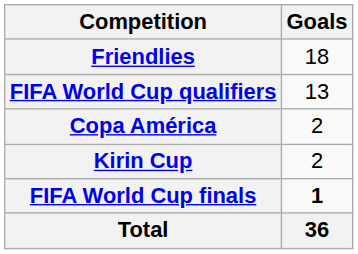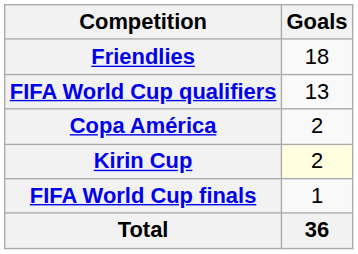 <table class="wikitable sortable plainrowheaders" style="text-align:center">
 <tr>
 <th scope=col>Competition</th>
 <th scope=col>Goals</th>
 </tr>
 <tr>
 <th scope=row><a href='#'>Friendlies</a></th>
 <td>18</td>
 </tr>
 <tr>
 <th scope=row><a href='#'>FIFA World Cup qualifiers</a></th>
 <td>13</td>
 </tr>
 <tr>
 <th scope=row><a href='#'>Copa América</a></th>
 <td>2</td>
 </tr>
 <tr>
 <th scope=row><a href='#'>Kirin Cup</a></th>
-<td>2</td>
+<td style="background: lightyellow;">2</td>
 </tr>
 <tr>
 <th scope=row><a href='#'>FIFA World Cup finals</a></th>
-<td><strong>1</strong></td>
+<td>1</td>
 </tr>
 <tr class=sortbottom>
 <th scope=row><strong>Total</strong></th>
 <th><strong>36</strong></th>
 </tr>
 </table>
